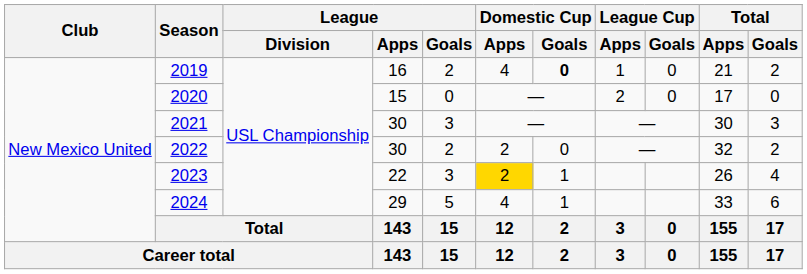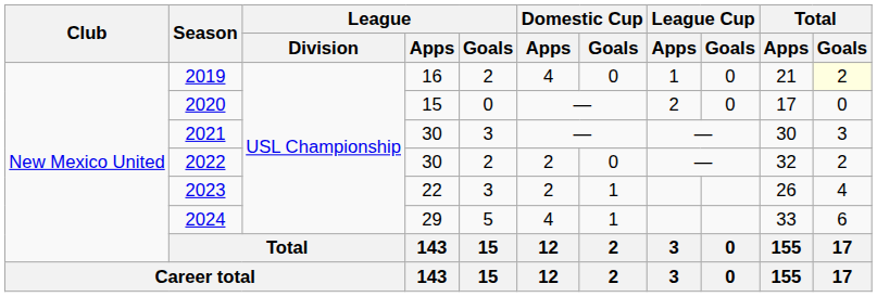 <table class="wikitable" style="text-align: center;">
 <tr>
 <th rowspan="2">Club</th>
 <th rowspan="2">Season</th>
 <th colspan="3">League</th>
 <th colspan="2">Domestic Cup</th>
 <th colspan="2">League Cup</th>
 <th colspan="2">Total</th>
 </tr>
 <tr>
 <th>Division</th>
 <th>Apps</th>
 <th>Goals</th>
 <th>Apps</th>
 <th>Goals</th>
 <th>Apps</th>
 <th>Goals</th>
 <th>Apps</th>
 <th>Goals</th>
 </tr>
 <tr>
 <td rowspan="7" valign="center"><a href='#'>New Mexico United</a></td>
 <td><a href='#'>2019</a></td>
 <td rowspan="6"><a href='#'>USL Championship</a></td>
 <td>16</td>
 <td>2</td>
 <td>4</td>
-<td><strong>0</strong></td>
+<td>0</td>
 <td>1</td>
 <td>0</td>
 <td>21</td>
-<td>2</td>
+<td style="background: lightyellow;">2</td>
 </tr>
 <tr>
 <td><a href='#'>2020</a></td>
 <td>15</td>
 <td>0</td>
 <td colspan="2">—</td>
 <td>2</td>
 <td>0</td>
 <td>17</td>
 <td>0</td>
 </tr>
 <tr>
 <td><a href='#'>2021</a></td>
 <td>30</td>
 <td>3</td>
 <td colspan="2">—</td>
 <td colspan="2">—</td>
 <td>30</td>
 <td>3</td>
 </tr>
 <tr>
 <td><a href='#'>2022</a></td>
 <td>30</td>
 <td>2</td>
 <td>2</td>
 <td>0</td>
 <td colspan="2">—</td>
 <td>32</td>
 <td>2</td>
 </tr>
 <tr>
 <td><a href='#'>2023</a></td>
 <td>22</td>
 <td>3</td>
-<td style="background: gold;">2</td>
+<td>2</td>
 <td>1</td>
 <td></td>
 <td></td>
 <td>26</td>
 <td>4</td>
 </tr>
 <tr>
 <td><a href='#'>2024</a></td>
 <td>29</td>
 <td>5</td>
 <td>4</td>
 <td>1</td>
 <td></td>
 <td></td>
 <td>33</td>
 <td>6</td>
 </tr>
 <tr>
 <th colspan="2">Total</th>
 <th>143</th>
 <th>15</th>
 <th>12</th>
 <th>2</th>
 <th>3</th>
 <th>0</th>
 <th>155</th>
 <th>17</th>
 </tr>
 <tr>
 <th colspan="3">Career total</th>
 <th>143</th>
 <th>15</th>
 <th>12</th>
 <th>2</th>
 <th>3</th>
 <th>0</th>
 <th>155</th>
 <th>17</th>
 </tr>
 </table>
